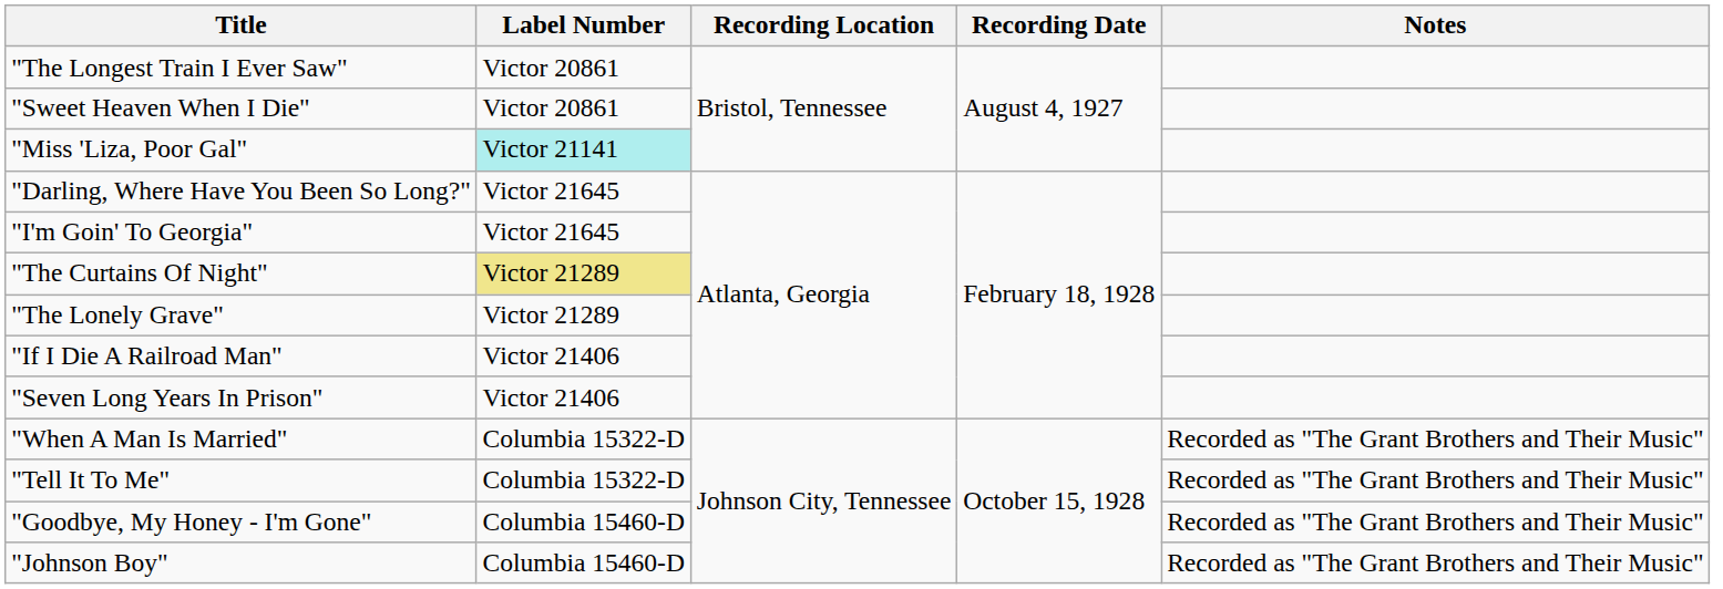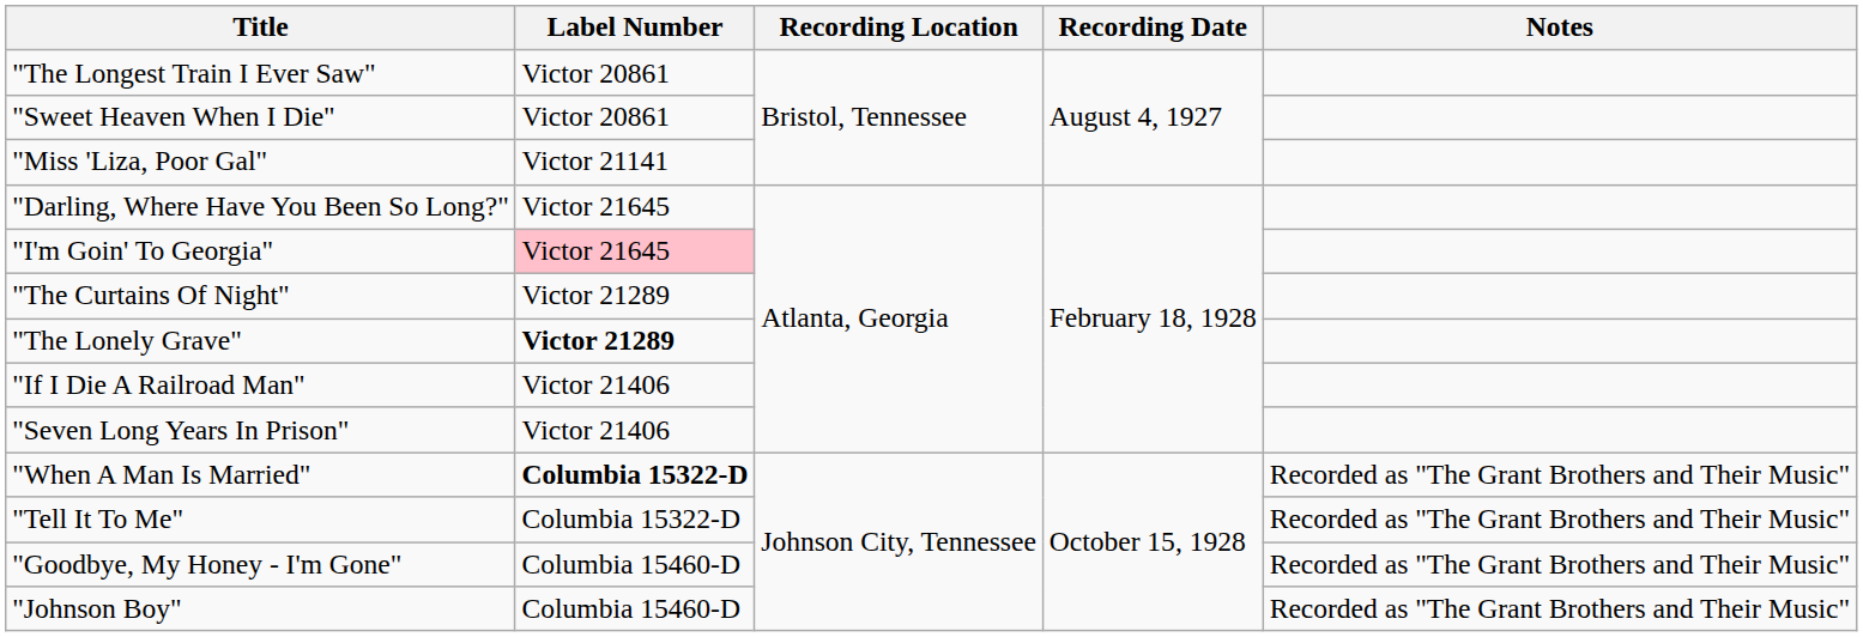 <table class="wikitable">
 <tr>
 <th>Title</th>
 <th>Label Number</th>
 <th>Recording Location</th>
 <th>Recording Date</th>
 <th>Notes</th>
 </tr>
 <tr>
 <td>"The Longest Train I Ever Saw"</td>
 <td>Victor 20861</td>
 <td rowspan="3">Bristol, Tennessee</td>
 <td rowspan="3">August 4, 1927</td>
 <td></td>
 </tr>
 <tr>
 <td>"Sweet Heaven When I Die"</td>
 <td>Victor 20861</td>
 <td></td>
 </tr>
 <tr>
 <td>"Miss 'Liza, Poor Gal"</td>
-<td style="background: paleturquoise;">Victor 21141</td>
+<td>Victor 21141</td>
 <td></td>
 </tr>
 <tr>
 <td>"Darling, Where Have You Been So Long?"</td>
 <td>Victor 21645</td>
 <td rowspan="6">Atlanta, Georgia</td>
 <td rowspan="6">February 18, 1928</td>
 <td></td>
 </tr>
 <tr>
 <td>"I'm Goin' To Georgia"</td>
-<td>Victor 21645</td>
+<td style="background: pink;">Victor 21645</td>
 <td></td>
 </tr>
 <tr>
 <td>"The Curtains Of Night"</td>
-<td style="background: khaki;">Victor 21289</td>
+<td>Victor 21289</td>
 <td></td>
 </tr>
 <tr>
 <td>"The Lonely Grave"</td>
-<td>Victor 21289</td>
+<td><strong>Victor 21289</strong></td>
 <td></td>
 </tr>
 <tr>
 <td>"If I Die A Railroad Man"</td>
 <td>Victor 21406</td>
 <td></td>
 </tr>
 <tr>
 <td>"Seven Long Years In Prison"</td>
 <td>Victor 21406</td>
 <td></td>
 </tr>
 <tr>
 <td>"When A Man Is Married"</td>
-<td>Columbia 15322-D</td>
+<td><strong>Columbia 15322-D</strong></td>
 <td rowspan="4">Johnson City, Tennessee</td>
 <td rowspan="4">October 15, 1928</td>
 <td>Recorded as "The Grant Brothers and Their Music"</td>
 </tr>
 <tr>
 <td>"Tell It To Me"</td>
 <td>Columbia 15322-D</td>
 <td>Recorded as "The Grant Brothers and Their Music"</td>
 </tr>
 <tr>
 <td>"Goodbye, My Honey - I'm Gone"</td>
 <td>Columbia 15460-D</td>
 <td>Recorded as "The Grant Brothers and Their Music"</td>
 </tr>
 <tr>
 <td>"Johnson Boy"</td>
 <td>Columbia 15460-D</td>
 <td>Recorded as "The Grant Brothers and Their Music"</td>
 </tr>
 </table>
